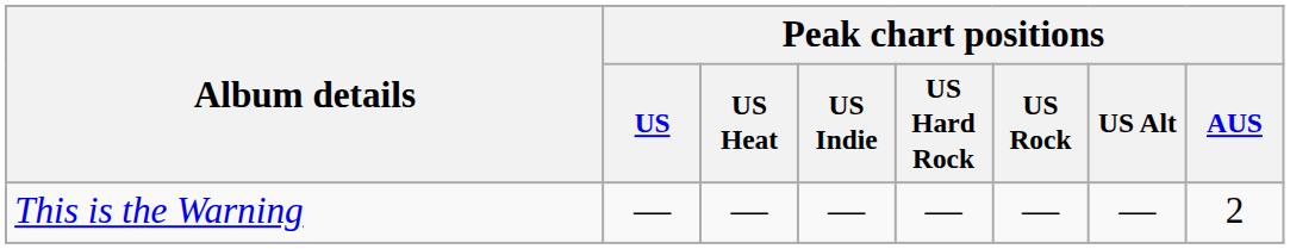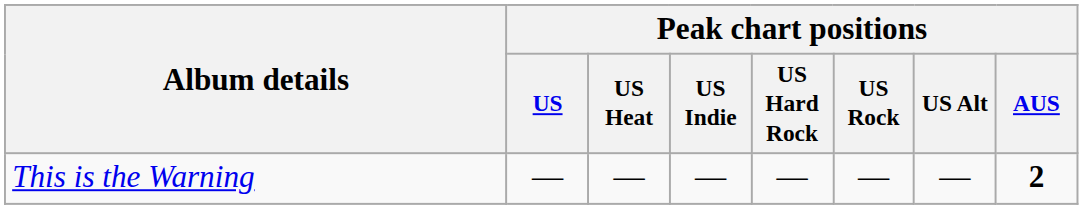 <table class="wikitable" style="text-align:center;">
 <tr>
 <th rowspan =  2 width = 250>Album details</th>
 <th colspan =  7>Peak chart positions</th>
 </tr>
 <tr>
 <th style = "width:3em;font-size:75%"><a href='#'>US</a></th>
 <th style = "width:3em;font-size:75%">US Heat</th>
 <th style = "width:3em;font-size:75%">US Indie</th>
 <th style = "width:3em;font-size:75%">US Hard Rock</th>
 <th style = "width:3em;font-size:75%">US Rock</th>
 <th style = "width:3em;font-size:75%">US Alt</th>
 <th style = "width:3em;font-size:75%"><a href='#'>AUS</a></th>
 </tr>
 <tr>
 <td align=left><em><a href='#'>This is the Warning</a></em><br></td>
 <td>—</td>
 <td>—</td>
 <td>—</td>
 <td>—</td>
 <td>—</td>
 <td>—</td>
-<td>2</td>
+<td><strong>2</strong></td>
 </tr>
 </table>
